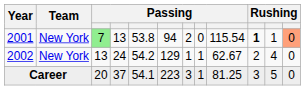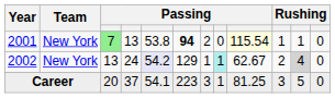 <table class="wikitable sortable" style="text-align:center">
 <tr>
 <th rowspan=2>Year</th>
 <th rowspan=2>Team</th>
 <th colspan=7>Passing</th>
 <th colspan=3>Rushing</th>
 </tr>
 <tr>
 <th></th>
 <th></th>
 <th></th>
 <th></th>
 <th></th>
 <th></th>
 <th></th>
 <th></th>
 <th></th>
 <th></th>
 </tr>
 <tr>
 <td><a href='#'>2001</a></td>
 <td><a href='#'>New York</a></td>
 <td style="background: lightgreen;">7</td>
 <td>13</td>
 <td>53.8</td>
-<td>94</td>
+<td><strong>94</strong></td>
 <td>2</td>
 <td>0</td>
-<td>115.54</td>
-<td><strong>1</strong></td>
+<td style="background: lightyellow;">115.54</td>
 <td>1</td>
-<td style="background: lightsalmon;">0</td>
+<td>1</td>
+<td>0</td>
 </tr>
 <tr>
 <td><a href='#'>2002</a></td>
 <td><a href='#'>New York</a></td>
 <td>13</td>
 <td>24</td>
-<td>54.2</td>
+<td style="background: lavender;">54.2</td>
 <td>129</td>
 <td>1</td>
-<td>1</td>
+<td style="background: paleturquoise;">1</td>
 <td>62.67</td>
 <td>2</td>
-<td>4</td>
+<td style="background: lightgrey;">4</td>
 <td>0</td>
 </tr>
 <tr class="sortbottom" style="background:#eee;">
 <td colspan=2><strong>Career</strong></td>
 <td>20</td>
 <td>37</td>
 <td>54.1</td>
 <td>223</td>
 <td>3</td>
 <td>1</td>
 <td>81.25</td>
 <td>3</td>
 <td>5</td>
 <td>0</td>
 </tr>
 </table>
